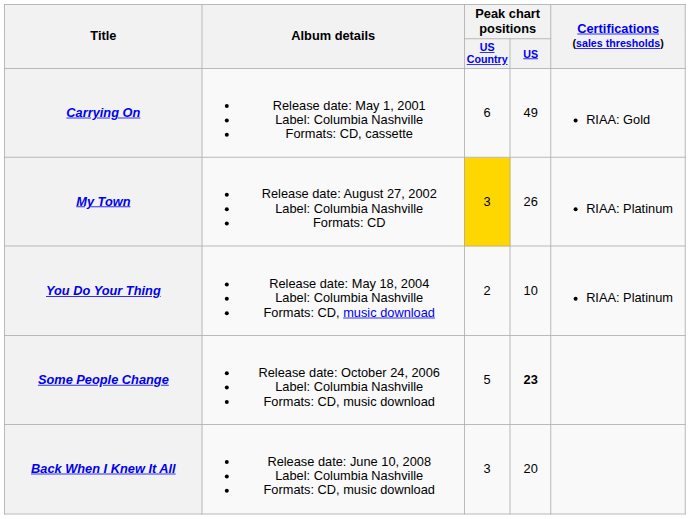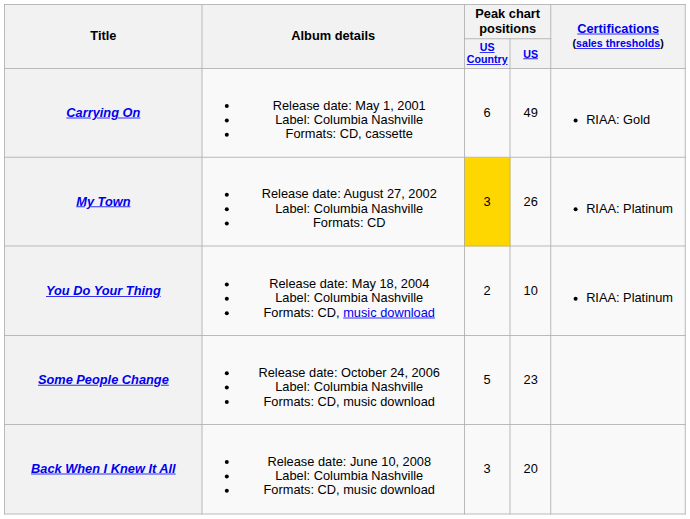 <table class="wikitable plainrowheaders" style="text-align:center;">
 <tr>
 <th rowspan="2" style="width:15em;">Title</th>
 <th rowspan="2" style="width:20em;">Album details</th>
 <th colspan="2">Peak chart<br>positions</th>
 <th rowspan="2" style="width:10em;"><a href='#'>Certifications</a><br><small>(<a href='#'>sales thresholds</a>)</small></th>
 </tr>
 <tr style="font-size:smaller;">
 <th width="45"><a href='#'>US Country</a><br></th>
 <th width="45"><a href='#'>US</a><br></th>
 </tr>
 <tr>
 <th scope="row"><em><a href='#'>Carrying On</a></em></th>
 <td><br><ul><li>Release date: May 1, 2001</li><li>Label: Columbia Nashville</li><li>Formats: CD, cassette</li></ul></td>
 <td>6</td>
 <td>49</td>
 <td align="left"><br><ul><li>RIAA: Gold</li></ul></td>
 </tr>
 <tr>
 <th scope="row"><em><a href='#'>My Town</a></em></th>
 <td><br><ul><li>Release date: August 27, 2002</li><li>Label: Columbia Nashville</li><li>Formats: CD</li></ul></td>
 <td style="background: gold;">3</td>
 <td>26</td>
 <td align="left"><br><ul><li>RIAA: Platinum</li></ul></td>
 </tr>
 <tr>
 <th scope="row"><em><a href='#'>You Do Your Thing</a></em></th>
 <td><br><ul><li>Release date: May 18, 2004</li><li>Label: Columbia Nashville</li><li>Formats: CD, <a href='#'>music download</a></li></ul></td>
 <td>2</td>
 <td>10</td>
 <td align="left"><br><ul><li>RIAA: Platinum</li></ul></td>
 </tr>
 <tr>
 <th scope="row"><em><a href='#'>Some People Change</a></em></th>
 <td><br><ul><li>Release date: October 24, 2006</li><li>Label: Columbia Nashville</li><li>Formats: CD, music download</li></ul></td>
 <td>5</td>
-<td><strong>23</strong></td>
+<td>23</td>
 <td align="left"></td>
 </tr>
 <tr>
 <th scope="row"><em><a href='#'>Back When I Knew It All</a></em></th>
 <td><br><ul><li>Release date: June 10, 2008</li><li>Label: Columbia Nashville</li><li>Formats: CD, music download</li></ul></td>
 <td>3</td>
 <td>20</td>
 <td></td>
 </tr>
 </table>
